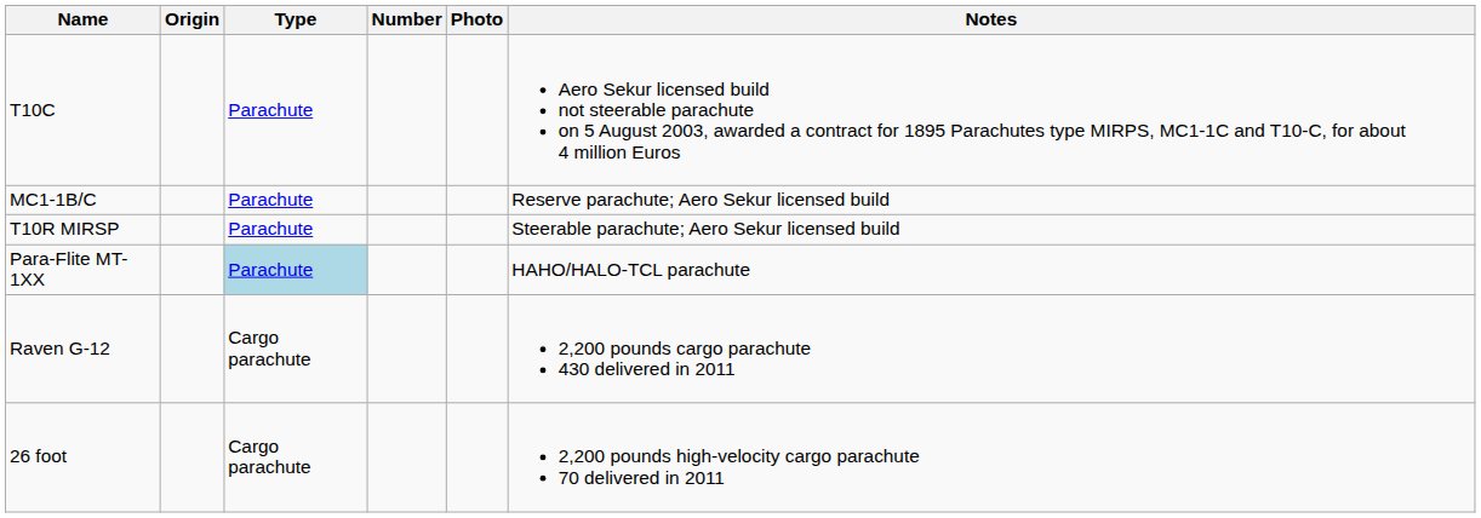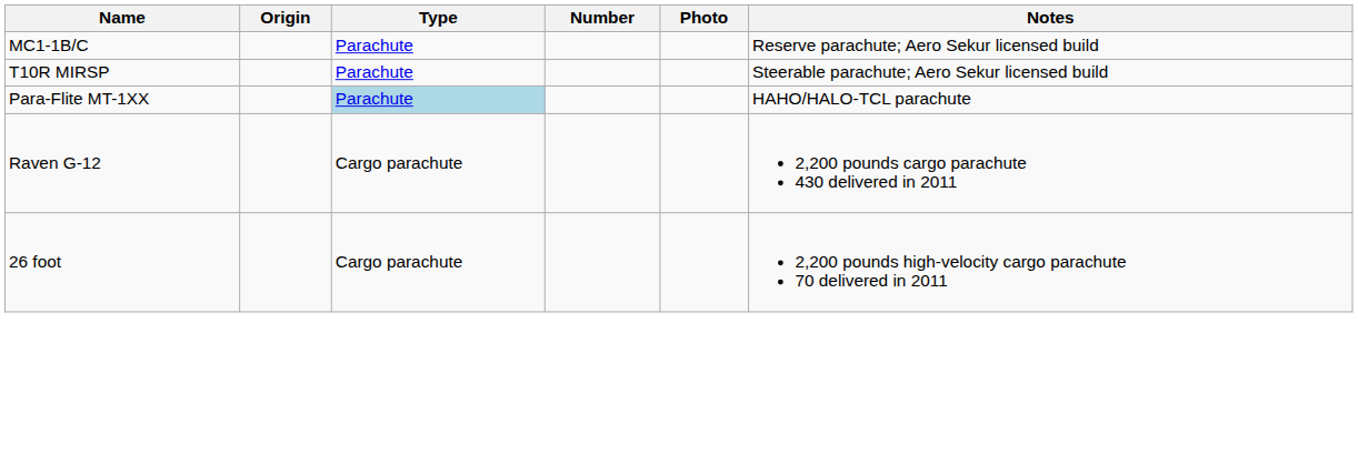 <table class="wikitable" style="margin:auto; width:100%;">
 <tr>
 <th style="align: center;">Name</th>
 <th>Origin</th>
 <th>Type</th>
 <th>Number</th>
 <th>Photo</th>
 <th>Notes</th>
-</tr>
-<tr>
-<td>T10C</td>
-<td><br></td>
-<td><a href='#'>Parachute</a></td>
-<td></td>
-<td></td>
-<td><br><ul><li>Aero Sekur licensed build</li><li>not steerable parachute</li><li>on 5 August 2003, awarded a contract for 1895 Parachutes type MIRPS, MC1-1C and T10-C, for about 4 million Euros</li></ul></td>
 </tr>
 <tr>
 <td>MC1-1B/C</td>
 <td><br></td>
 <td><a href='#'>Parachute</a></td>
 <td></td>
 <td></td>
 <td>Reserve parachute; Aero Sekur licensed build</td>
 </tr>
 <tr>
 <td>T10R MIRSP</td>
 <td><br></td>
 <td><a href='#'>Parachute</a></td>
 <td></td>
 <td></td>
 <td>Steerable parachute; Aero Sekur licensed build</td>
 </tr>
 <tr>
 <td>Para-Flite MT-1XX</td>
 <td></td>
 <td style="background: lightblue;"><a href='#'>Parachute</a></td>
 <td></td>
 <td></td>
 <td>HAHO/HALO-TCL parachute</td>
 </tr>
 <tr>
 <td>Raven G-12</td>
 <td></td>
 <td>Cargo parachute</td>
 <td></td>
 <td></td>
 <td><br><ul><li>2,200 pounds cargo parachute</li><li>430 delivered in 2011</li></ul></td>
 </tr>
 <tr>
 <td>26 foot</td>
 <td></td>
 <td>Cargo parachute</td>
 <td></td>
 <td></td>
 <td><br><ul><li>2,200 pounds high-velocity cargo parachute</li><li>70 delivered in 2011</li></ul></td>
 </tr>
 </table>
